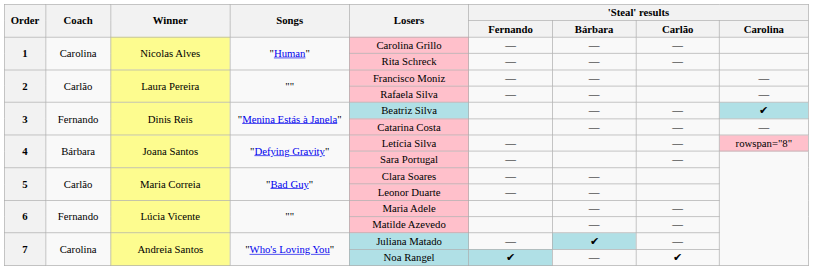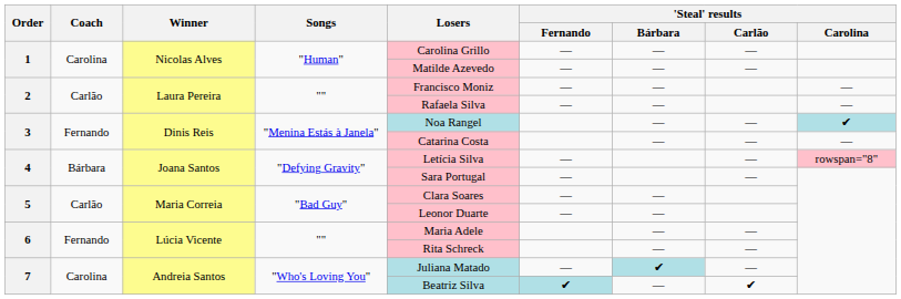 <table class="wikitable" style="text-align:center; line-height:17px; width:95%">
 <tr>
 <th rowspan="2" width="02%">Order</th>
 <th rowspan="2" width="05%">Coach</th>
 <th rowspan="2" width="10%">Winner</th>
 <th rowspan="2" width="10%">Songs</th>
 <th rowspan="2" width="10%">Losers</th>
 <th colspan="4" width="00%">'Steal' results</th>
 </tr>
 <tr>
 <th style="width: 7%">Fernando</th>
 <th style="width: 7%">Bárbara</th>
 <th style="width: 7%">Carlão</th>
 <th style="width: 7%">Carolina</th>
 </tr>
 <tr>
 <th rowspan="2">1</th>
 <td rowspan="2">Carolina</td>
 <td rowspan="2" style="background:#fdfc8f">Nicolas Alves</td>
 <td rowspan="2">"<a href='#'>Human</a>"</td>
 <td style="background:pink">Carolina Grillo</td>
 <td>—</td>
 <td>—</td>
 <td>—</td>
 <td></td>
 </tr>
 <tr>
-<td style="background:pink">Rita Schreck</td>
+<td style="background:pink">Matilde Azevedo</td>
 <td>—</td>
 <td>—</td>
 <td>—</td>
 <td></td>
 </tr>
 <tr>
 <th rowspan="2">2</th>
 <td rowspan="2">Carlão</td>
 <td rowspan="2" style="background:#fdfc8f">Laura Pereira</td>
 <td rowspan="2">""</td>
 <td style="background:pink">Francisco Moniz</td>
 <td>—</td>
 <td>—</td>
 <td></td>
 <td>—</td>
 </tr>
 <tr>
 <td style="background:pink">Rafaela Silva</td>
 <td>—</td>
 <td>—</td>
 <td></td>
 <td>—</td>
 </tr>
 <tr>
 <th rowspan="2">3</th>
 <td rowspan="2">Fernando</td>
 <td rowspan="2" style="background:#fdfc8f">Dinis Reis</td>
 <td rowspan="2">"<a href='#'>Menina Estás à Janela</a>"</td>
-<td style="background:#b0e0e6">Beatriz Silva</td>
+<td style="background:#b0e0e6">Noa Rangel</td>
 <td></td>
 <td>—</td>
 <td>—</td>
 <td style="background:#B0E0E6">✔</td>
 </tr>
 <tr>
 <td style="background:pink">Catarina Costa</td>
 <td></td>
 <td>—</td>
 <td>—</td>
 <td>—</td>
 </tr>
 <tr>
 <th rowspan="2">4</th>
 <td rowspan="2">Bárbara</td>
 <td rowspan="2" style="background:#fdfc8f">Joana Santos</td>
 <td rowspan="2">"<a href='#'>Defying Gravity</a>"</td>
 <td style="background:pink">Letícia Silva</td>
 <td>—</td>
 <td></td>
 <td>—</td>
 <td style="background: pink;">rowspan="8" </td>
 </tr>
 <tr>
 <td style="background:pink">Sara Portugal</td>
 <td>—</td>
 <td></td>
 <td>—</td>
 </tr>
 <tr>
 <th rowspan="2">5</th>
 <td rowspan="2">Carlão</td>
 <td rowspan="2" style="background:#fdfc8f">Maria Correia</td>
 <td rowspan="2">"<a href='#'>Bad Guy</a>"</td>
 <td style="background:pink">Clara Soares</td>
 <td>—</td>
 <td>—</td>
 <td></td>
 </tr>
 <tr>
 <td style="background:pink">Leonor Duarte</td>
 <td>—</td>
 <td>—</td>
 <td></td>
 </tr>
 <tr>
 <th rowspan="2">6</th>
 <td rowspan="2">Fernando</td>
 <td rowspan="2" style="background:#fdfc8f">Lúcia Vicente</td>
 <td rowspan="2">""</td>
 <td style="background:pink">Maria Adele</td>
 <td></td>
 <td>—</td>
 <td>—</td>
 </tr>
 <tr>
-<td style="background:pink">Matilde Azevedo</td>
+<td style="background:pink">Rita Schreck</td>
 <td></td>
 <td>—</td>
 <td>—</td>
 </tr>
 <tr>
 <th rowspan="2">7</th>
 <td rowspan="2">Carolina</td>
 <td rowspan="2" style="background:#fdfc8f">Andreia Santos</td>
 <td rowspan="2">"<a href='#'>Who's Loving You</a>"</td>
 <td style="background:#b0e0e6">Juliana Matado</td>
 <td>—</td>
 <td style="background:#B0E0E6">✔</td>
 <td>—</td>
 </tr>
 <tr>
-<td style="background:#b0e0e6">Noa Rangel</td>
+<td style="background:#b0e0e6">Beatriz Silva</td>
 <td style="background:#B0E0E6">✔</td>
 <td>—</td>
 <td>✔</td>
 </tr>
 </table>
